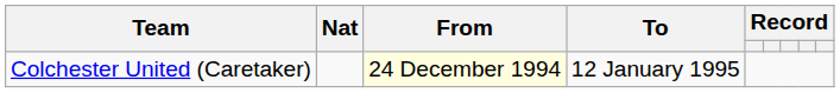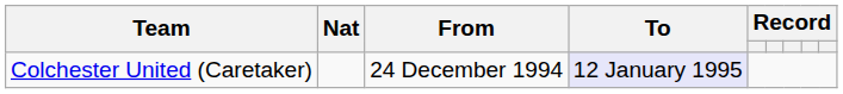 <table class="wikitable" style="text-align: center">
 <tr>
 <th rowspan="2">Team</th>
 <th rowspan="2">Nat</th>
 <th rowspan="2">From</th>
 <th rowspan="2">To</th>
 <th colspan="5">Record</th>
 </tr>
 <tr>
 <th></th>
 <th></th>
 <th></th>
 <th></th>
 <th></th>
 </tr>
 <tr>
 <td align=left><a href='#'>Colchester United</a> (Caretaker)</td>
 <td></td>
-<td align=left style="background: lightyellow;">24 December 1994</td>
-<td align=left>12 January 1995<br></td>
+<td align=left>24 December 1994</td>
+<td align=left style="background: lavender;">12 January 1995<br></td>
 </tr>
 </table>
